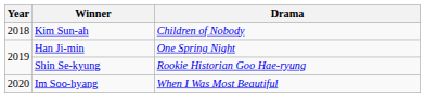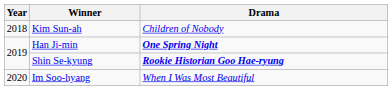 <table class="wikitable" style="width:600px">
 <tr>
 <th width=10>Year</th>
 <th>Winner</th>
 <th>Drama</th>
 </tr>
 <tr>
 <td>2018</td>
 <td><a href='#'>Kim Sun-ah</a></td>
 <td><em><a href='#'>Children of Nobody</a></em></td>
 </tr>
 <tr>
 <td rowspan=2>2019</td>
 <td><a href='#'>Han Ji-min</a></td>
-<td><em><a href='#'>One Spring Night</a></em></td>
+<td><strong><em><a href='#'>One Spring Night</a></em></strong></td>
 </tr>
 <tr>
 <td><a href='#'>Shin Se-kyung</a></td>
-<td><em><a href='#'>Rookie Historian Goo Hae-ryung</a></em></td>
+<td><strong><em><a href='#'>Rookie Historian Goo Hae-ryung</a></em></strong></td>
 </tr>
 <tr>
 <td>2020</td>
 <td><a href='#'>Im Soo-hyang</a></td>
 <td><em><a href='#'>When I Was Most Beautiful</a></em></td>
 </tr>
 </table>
